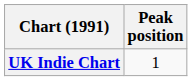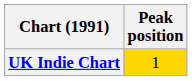 <table class="wikitable plainrowheaders" style="text-align:center;">
 <tr>
 <th>Chart (1991)</th>
 <th>Peak<br>position</th>
 </tr>
 <tr>
 <th scope="row"><a href='#'>UK Indie Chart</a></th>
-<td>1</td>
+<td style="background: gold;">1</td>
 </tr>
 </table>
